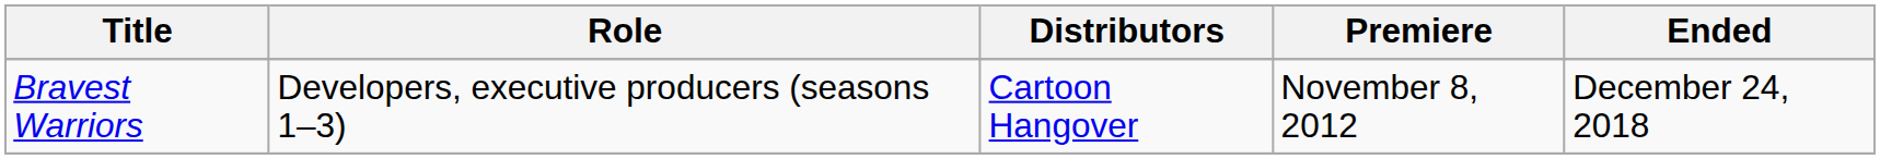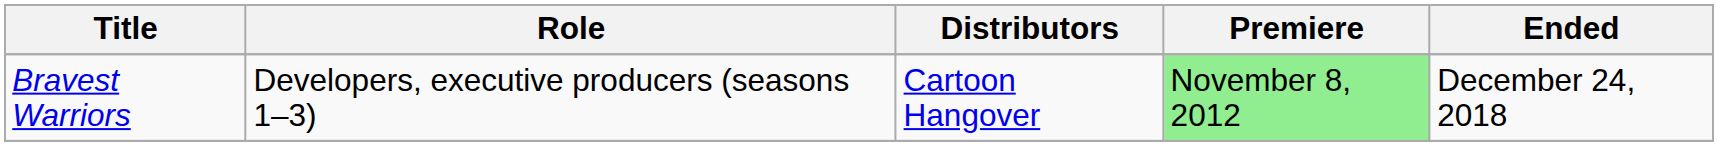 <table class="wikitable">
 <tr>
 <th>Title</th>
 <th>Role</th>
 <th>Distributors</th>
 <th>Premiere</th>
 <th>Ended</th>
 </tr>
 <tr>
 </tr>
 <tr>
 <td><em><a href='#'>Bravest Warriors</a></em></td>
 <td>Developers, executive producers (seasons 1–3)</td>
 <td><a href='#'>Cartoon Hangover</a></td>
-<td>November 8, 2012</td>
+<td style="background: lightgreen;">November 8, 2012</td>
 <td>December 24, 2018</td>
 </tr>
 <tr>
 </tr>
 </table>
